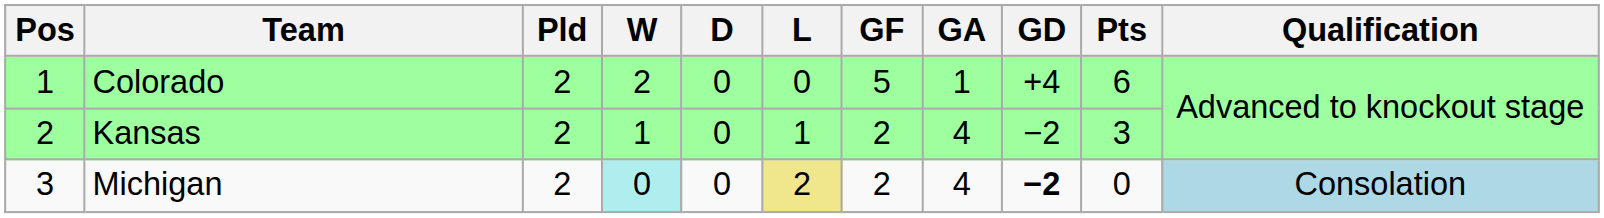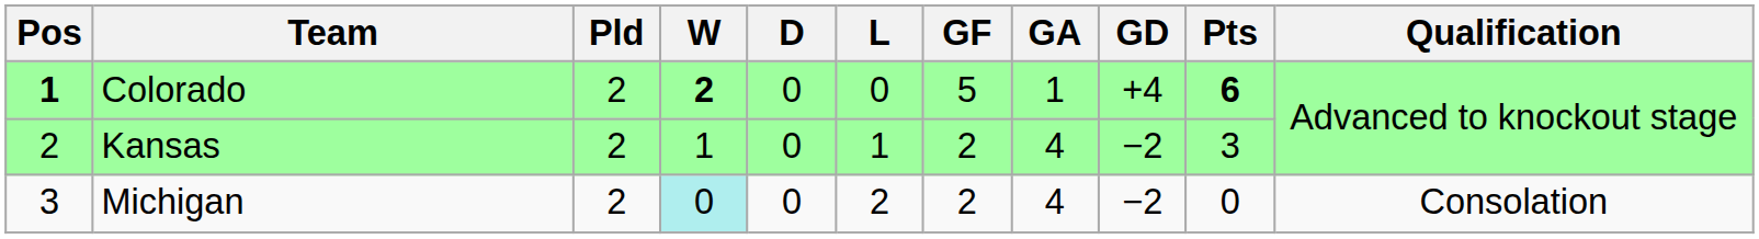 <table class="wikitable" style="text-align:center; margin: 1em auto">
 <tr>
 <th style="width:2em">Pos</th>
 <th style="width:13em">Team</th>
 <th style="width:2em">Pld</th>
 <th style="width:2em">W</th>
 <th style="width:2em">D</th>
 <th style="width:2em">L</th>
 <th style="width:2em">GF</th>
 <th style="width:2em">GA</th>
 <th style="width:2em">GD</th>
 <th style="width:2em">Pts</th>
 <th style="width:13em">Qualification</th>
 </tr>
 <tr bgcolor="#9eff9e">
-<td>1</td>
+<td><strong>1</strong></td>
 <td style="text-align:left">Colorado</td>
 <td>2</td>
-<td>2</td>
+<td><strong>2</strong></td>
 <td>0</td>
 <td>0</td>
 <td>5</td>
 <td>1</td>
 <td>+4</td>
-<td>6</td>
+<td><strong>6</strong></td>
 <td rowspan="2">Advanced to knockout stage</td>
 </tr>
 <tr bgcolor="#9eff9e">
 <td>2</td>
 <td style="text-align:left">Kansas</td>
 <td>2</td>
 <td>1</td>
 <td>0</td>
 <td>1</td>
 <td>2</td>
 <td>4</td>
 <td>−2</td>
 <td>3</td>
 </tr>
 <tr>
 <td>3</td>
 <td style="text-align:left">Michigan</td>
 <td>2</td>
 <td style="background: paleturquoise;">0</td>
 <td>0</td>
-<td style="background: khaki;">2</td>
+<td>2</td>
 <td>2</td>
 <td>4</td>
-<td><strong>−2</strong></td>
+<td>−2</td>
 <td>0</td>
-<td style="background: lightblue;">Consolation</td>
+<td>Consolation</td>
 </tr>
 </table>
